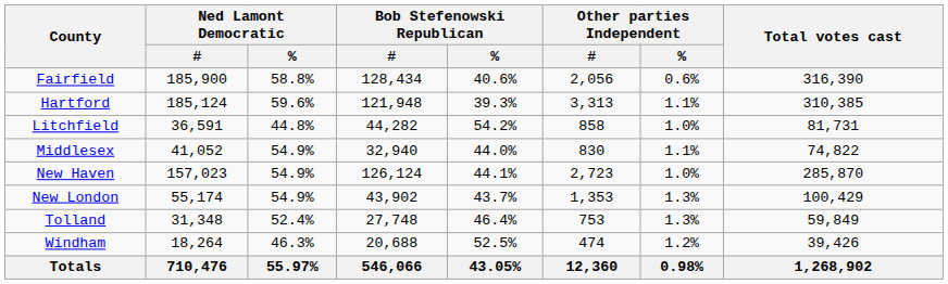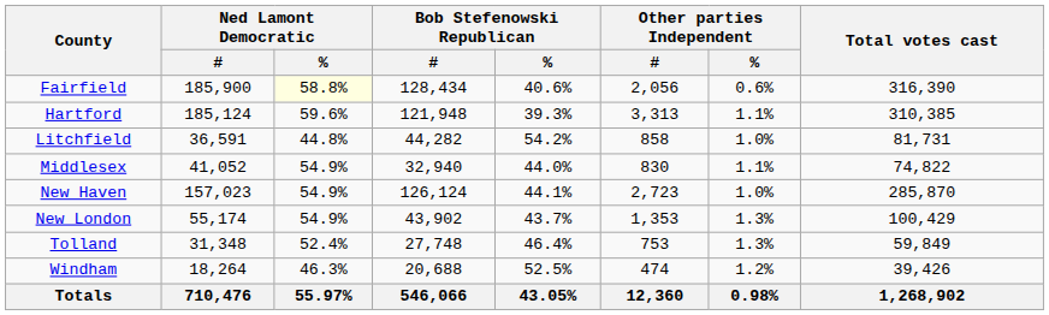 <table width="67%"  class="wikitable sortable" style="text-align:center">
 <tr>
 <th style="text-align:center;" rowspan="2">County</th>
 <th style="text-align:center;" colspan="2">Ned Lamont<br>Democratic</th>
 <th style="text-align:center;" colspan="2">Bob Stefenowski<br>Republican</th>
 <th style="text-align:center;" colspan="2">Other parties<br>Independent</th>
 <th style="text-align:center;" rowspan="2">Total votes cast</th>
 </tr>
 <tr>
 <th style="text-align:center;" data-sort-type="number">#</th>
 <th style="text-align:center;" data-sort-type="number">%</th>
 <th style="text-align:center;" data-sort-type="number">#</th>
 <th style="text-align:center;" data-sort-type="number">%</th>
 <th style="text-align:center;" data-sort-type="number">#</th>
 <th style="text-align:center;" data-sort-type="number">%</th>
 </tr>
 <tr style="text-align:center;">
 <td><a href='#'>Fairfield</a></td>
 <td>185,900</td>
-<td>58.8%</td>
+<td style="background: lightyellow;">58.8%</td>
 <td>128,434</td>
 <td>40.6%</td>
 <td>2,056</td>
 <td>0.6%</td>
 <td>316,390</td>
 </tr>
 <tr style="text-align:center;">
 <td><a href='#'>Hartford</a></td>
 <td>185,124</td>
 <td>59.6%</td>
 <td>121,948</td>
 <td>39.3%</td>
 <td>3,313</td>
 <td>1.1%</td>
 <td>310,385</td>
 </tr>
 <tr style="text-align:center;">
 <td><a href='#'>Litchfield</a></td>
 <td>36,591</td>
 <td>44.8%</td>
 <td>44,282</td>
 <td>54.2%</td>
 <td>858</td>
 <td>1.0%</td>
 <td>81,731</td>
 </tr>
 <tr style="text-align:center;">
 <td><a href='#'>Middlesex</a></td>
 <td>41,052</td>
 <td>54.9%</td>
 <td>32,940</td>
 <td>44.0%</td>
 <td>830</td>
 <td>1.1%</td>
 <td>74,822</td>
 </tr>
 <tr style="text-align:center;">
 <td><a href='#'>New Haven</a></td>
 <td>157,023</td>
 <td>54.9%</td>
 <td>126,124</td>
 <td>44.1%</td>
 <td>2,723</td>
 <td>1.0%</td>
 <td>285,870</td>
 </tr>
 <tr style="text-align:center;">
 <td><a href='#'>New London</a></td>
 <td>55,174</td>
 <td>54.9%</td>
 <td>43,902</td>
 <td>43.7%</td>
 <td>1,353</td>
 <td>1.3%</td>
 <td>100,429</td>
 </tr>
 <tr style="text-align:center;">
 <td><a href='#'>Tolland</a></td>
 <td>31,348</td>
 <td>52.4%</td>
 <td>27,748</td>
 <td>46.4%</td>
 <td>753</td>
 <td>1.3%</td>
 <td>59,849</td>
 </tr>
 <tr style="text-align:center;">
 <td><a href='#'>Windham</a></td>
 <td>18,264</td>
 <td>46.3%</td>
 <td>20,688</td>
 <td>52.5%</td>
 <td>474</td>
 <td>1.2%</td>
 <td>39,426</td>
 </tr>
 <tr>
 <th>Totals</th>
 <th>710,476</th>
 <th>55.97%</th>
 <th>546,066</th>
 <th>43.05%</th>
 <th>12,360</th>
 <th>0.98%</th>
 <th>1,268,902</th>
 </tr>
 </table>
